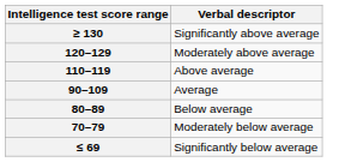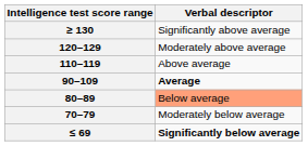 <table class="wikitable">
 <tr>
 <th>Intelligence test score range</th>
 <th>Verbal descriptor</th>
 </tr>
 <tr>
 <th>≥ 130</th>
 <td>Significantly above average</td>
 </tr>
 <tr>
 <th>120–129</th>
 <td>Moderately above average</td>
 </tr>
 <tr>
 <th>110–119</th>
 <td>Above average</td>
 </tr>
 <tr>
 <th>90–109</th>
-<td>Average</td>
+<td><strong>Average</strong></td>
 </tr>
 <tr>
 <th>80–89</th>
-<td>Below average</td>
+<td style="background: lightsalmon;">Below average</td>
 </tr>
 <tr>
 <th>70–79</th>
 <td>Moderately below average</td>
 </tr>
 <tr>
 <th>≤ 69</th>
-<td>Significantly below average</td>
+<td><strong>Significantly below average</strong></td>
 </tr>
 </table>
